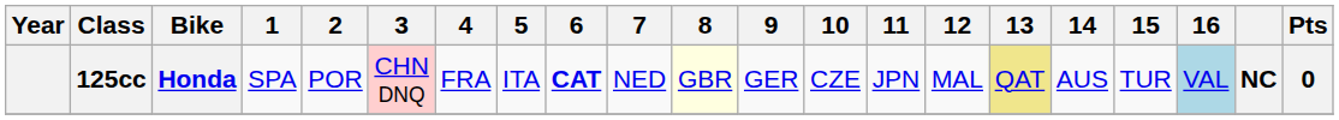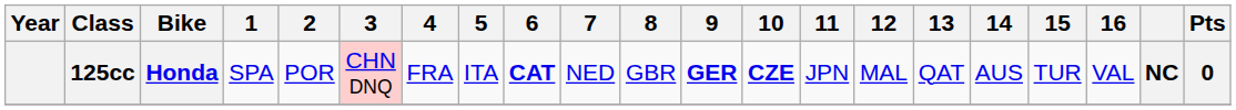 <table class="wikitable" style="text-align:center">
 <tr>
 <th>Year</th>
 <th>Class</th>
 <th>Bike</th>
 <th>1</th>
 <th>2</th>
 <th>3</th>
 <th>4</th>
 <th>5</th>
 <th>6</th>
 <th>7</th>
 <th>8</th>
 <th>9</th>
 <th>10</th>
 <th>11</th>
 <th>12</th>
 <th>13</th>
 <th>14</th>
 <th>15</th>
 <th>16</th>
 <th></th>
 <th>Pts</th>
 </tr>
 <tr>
 <th align="left"></th>
 <th align="left">125cc</th>
 <th align="left"><a href='#'>Honda</a></th>
 <td><a href='#'>SPA</a></td>
 <td><a href='#'>POR</a></td>
 <td style="background:#ffcfcf;"><a href='#'>CHN</a><br><small>DNQ</small></td>
 <td><a href='#'>FRA</a></td>
 <td><a href='#'>ITA</a></td>
 <td><strong><a href='#'>CAT</a></strong></td>
 <td><a href='#'>NED</a></td>
-<td style="background: lightyellow;"><a href='#'>GBR</a></td>
-<td><a href='#'>GER</a></td>
-<td><a href='#'>CZE</a></td>
+<td><a href='#'>GBR</a></td>
+<td><strong><a href='#'>GER</a></strong></td>
+<td><strong><a href='#'>CZE</a></strong></td>
 <td><a href='#'>JPN</a></td>
 <td><a href='#'>MAL</a></td>
-<td style="background: khaki;"><a href='#'>QAT</a></td>
+<td><a href='#'>QAT</a></td>
 <td><a href='#'>AUS</a></td>
 <td><a href='#'>TUR</a></td>
-<td style="background: lightblue;"><a href='#'>VAL</a></td>
+<td><a href='#'>VAL</a></td>
 <th>NC</th>
 <th>0</th>
 </tr>
 <tr>
 </tr>
 </table>
